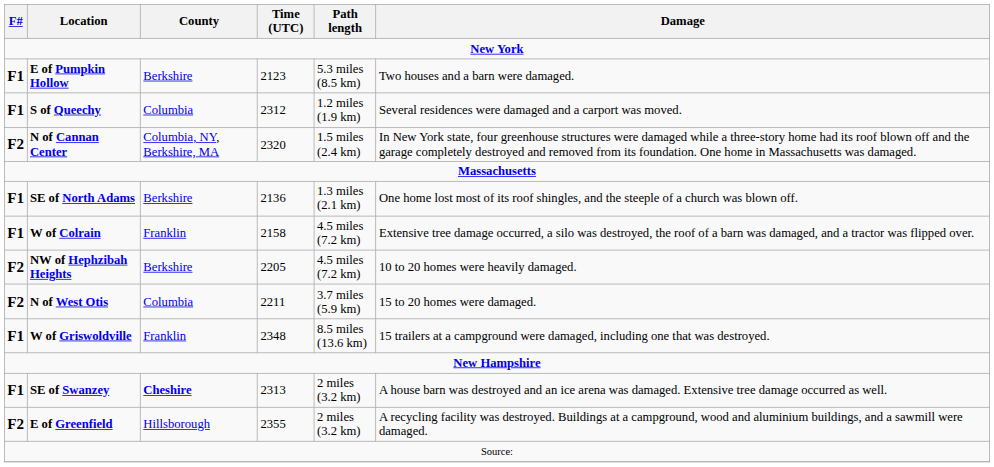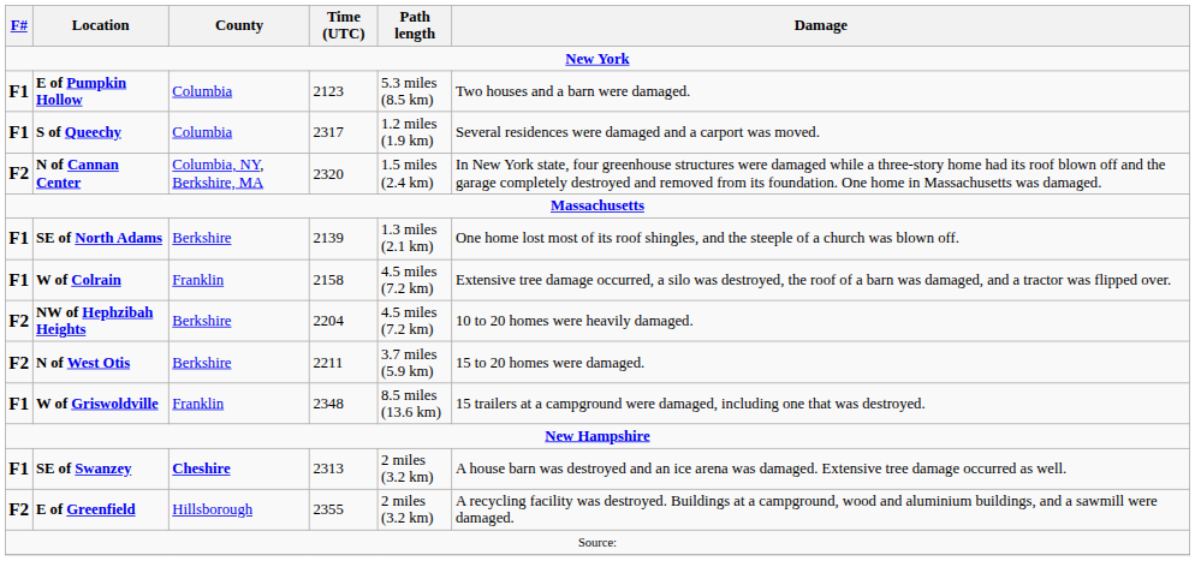 <table class="wikitable">
 <tr>
 <th><strong><a href='#'>F#</a></strong></th>
 <th><strong>Location</strong></th>
 <th><strong>County</strong></th>
 <th><strong>Time (UTC)</strong></th>
 <th><strong>Path length</strong></th>
 <th><strong>Damage</strong></th>
 </tr>
 <tr>
 <td colspan="7" align=center><strong><a href='#'>New York</a></strong></td>
 </tr>
 <tr>
 <td><big><strong>F1</strong></big></td>
 <td><strong> E of <a href='#'>Pumpkin Hollow</a></strong></td>
-<td><a href='#'>Berkshire</a></td>
+<td><a href='#'>Columbia</a></td>
 <td>2123</td>
 <td>5.3 miles <br>(8.5 km)</td>
 <td>Two houses and a barn were damaged.</td>
 </tr>
 <tr>
 <td><big><strong>F1</strong></big></td>
 <td><strong> S of <a href='#'>Queechy</a></strong></td>
 <td><a href='#'>Columbia</a></td>
-<td>2312</td>
+<td>2317</td>
 <td>1.2 miles <br>(1.9 km)</td>
 <td>Several residences were damaged and a carport was moved.</td>
 </tr>
 <tr>
 <td><big><strong>F2</strong></big></td>
 <td><strong> N of <a href='#'>Cannan Center</a></strong></td>
 <td><a href='#'>Columbia, NY</a>, <a href='#'>Berkshire, MA</a></td>
 <td>2320</td>
 <td>1.5 miles <br>(2.4 km)</td>
 <td>In New York state, four greenhouse structures were damaged while a three-story home had its roof blown off and the garage completely destroyed and removed from its foundation. One home in Massachusetts was damaged.</td>
 </tr>
 <tr>
 <td colspan="7" align=center><strong><a href='#'>Massachusetts</a></strong></td>
 </tr>
 <tr>
 <td><big><strong>F1</strong></big></td>
 <td><strong> SE of <a href='#'>North Adams</a></strong></td>
 <td><a href='#'>Berkshire</a></td>
-<td>2136</td>
+<td>2139</td>
 <td>1.3 miles <br>(2.1 km)</td>
 <td>One home lost most of its roof shingles, and the steeple of a church was blown off.</td>
 </tr>
 <tr>
 <td><big><strong>F1</strong></big></td>
 <td><strong> W of <a href='#'>Colrain</a></strong></td>
 <td><a href='#'>Franklin</a></td>
 <td>2158</td>
 <td>4.5 miles <br>(7.2 km)</td>
 <td>Extensive tree damage occurred, a silo was destroyed, the roof of a barn was damaged, and a tractor was flipped over.</td>
 </tr>
 <tr>
 <td><big><strong>F2</strong></big></td>
 <td><strong> NW of <a href='#'>Hephzibah Heights</a></strong></td>
 <td><a href='#'>Berkshire</a></td>
-<td>2205</td>
+<td>2204</td>
 <td>4.5 miles <br>(7.2 km)</td>
 <td>10 to 20 homes were heavily damaged.</td>
 </tr>
 <tr>
 <td><big><strong>F2</strong></big></td>
 <td><strong> N of <a href='#'>West Otis</a></strong></td>
-<td><a href='#'>Columbia</a></td>
+<td><a href='#'>Berkshire</a></td>
 <td>2211</td>
 <td>3.7 miles <br>(5.9 km)</td>
 <td>15 to 20 homes were damaged.</td>
 </tr>
 <tr>
 <td><big><strong>F1</strong></big></td>
 <td><strong> W of <a href='#'>Griswoldville</a></strong></td>
 <td><a href='#'>Franklin</a></td>
 <td>2348</td>
 <td>8.5 miles <br>(13.6 km)</td>
 <td>15 trailers at a campground were damaged, including one that was destroyed.</td>
 </tr>
 <tr>
 <td colspan="7" align=center><strong><a href='#'>New Hampshire</a></strong></td>
 </tr>
 <tr>
 <td><big><strong>F1</strong></big></td>
 <td><strong> SE of <a href='#'>Swanzey</a></strong></td>
 <td><strong><a href='#'>Cheshire</a></strong></td>
 <td>2313</td>
 <td>2 miles <br>(3.2 km)</td>
 <td>A house barn was destroyed and an ice arena was damaged. Extensive tree damage occurred as well.</td>
 </tr>
 <tr>
 <td><big><strong>F2</strong></big></td>
 <td><strong> E of <a href='#'>Greenfield</a></strong></td>
 <td><a href='#'>Hillsborough</a></td>
 <td>2355</td>
 <td>2 miles <br>(3.2 km)</td>
 <td>A recycling facility was destroyed. Buildings at a campground, wood and aluminium buildings, and a sawmill were damaged.</td>
 </tr>
 <tr>
 <td colspan="7" align=center><small>Source: </small></td>
 </tr>
 <tr>
 </tr>
 </table>
